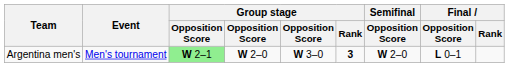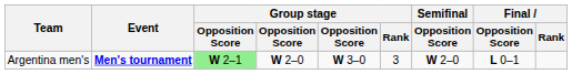 <table class="wikitable" style="font-size:90%">
 <tr>
 <th rowspan="2">Team</th>
 <th rowspan="2">Event</th>
 <th colspan="4">Group stage</th>
 <th>Semifinal</th>
 <th colspan="2">Final / </th>
 </tr>
 <tr style="font-size:95%">
 <th>Opposition<br>Score</th>
 <th>Opposition<br>Score</th>
 <th>Opposition<br>Score</th>
 <th>Rank</th>
 <th>Opposition<br>Score</th>
 <th>Opposition<br>Score</th>
 <th>Rank</th>
 </tr>
 <tr align="center">
 <td align="left">Argentina men's</td>
-<td align="left"><a href='#'>Men's tournament</a></td>
+<td align="left"><strong><a href='#'>Men's tournament</a></strong></td>
 <td style="background: lightgreen;"><strong>W</strong> 2–1</td>
 <td><strong>W</strong> 2–0</td>
 <td><strong>W</strong> 3–0</td>
-<td><strong>3</strong></td>
+<td>3</td>
 <td><strong>W</strong> 2–0</td>
 <td><strong>L</strong> 0–1</td>
 <td></td>
 </tr>
 </table>
